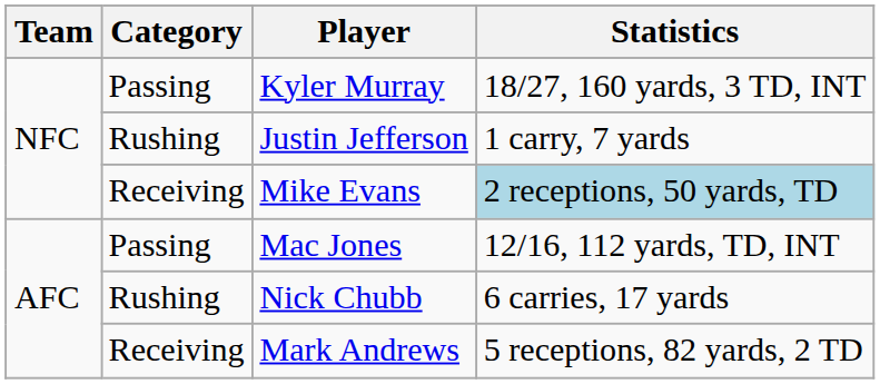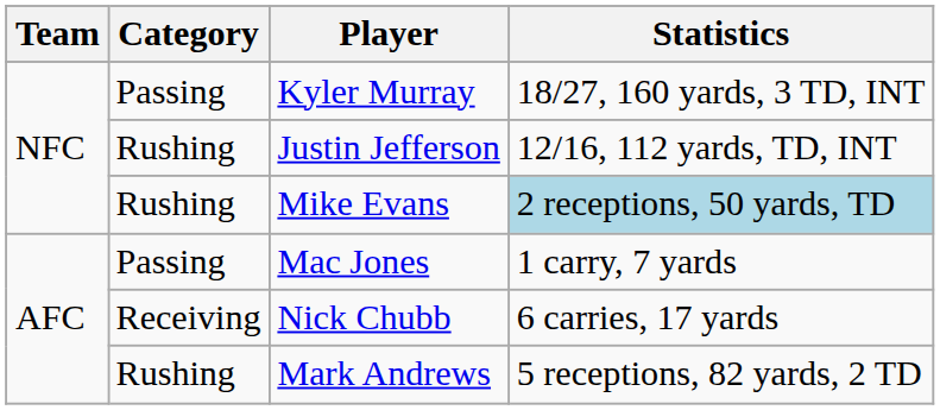 <table class="wikitable" style="float: right;">
 <tr>
 <th>Team</th>
 <th>Category</th>
 <th>Player</th>
 <th>Statistics</th>
 </tr>
 <tr>
 <td rowspan=3>NFC</td>
 <td>Passing</td>
 <td><a href='#'>Kyler Murray</a></td>
 <td>18/27, 160 yards, 3 TD, INT</td>
 </tr>
 <tr>
 <td>Rushing</td>
 <td><a href='#'>Justin Jefferson</a></td>
-<td>1 carry, 7 yards</td>
+<td>12/16, 112 yards, TD, INT</td>
 </tr>
 <tr>
-<td>Receiving</td>
+<td>Rushing</td>
 <td><a href='#'>Mike Evans</a></td>
 <td style="background: lightblue;">2 receptions, 50 yards, TD</td>
 </tr>
 <tr>
 <td rowspan=3>AFC</td>
 <td>Passing</td>
 <td><a href='#'>Mac Jones</a></td>
-<td>12/16, 112 yards, TD, INT</td>
+<td>1 carry, 7 yards</td>
 </tr>
 <tr>
-<td>Rushing</td>
+<td>Receiving</td>
 <td><a href='#'>Nick Chubb</a></td>
 <td>6 carries, 17 yards</td>
 </tr>
 <tr>
-<td>Receiving</td>
+<td>Rushing</td>
 <td><a href='#'>Mark Andrews</a></td>
 <td>5 receptions, 82 yards, 2 TD</td>
 </tr>
 </table>
